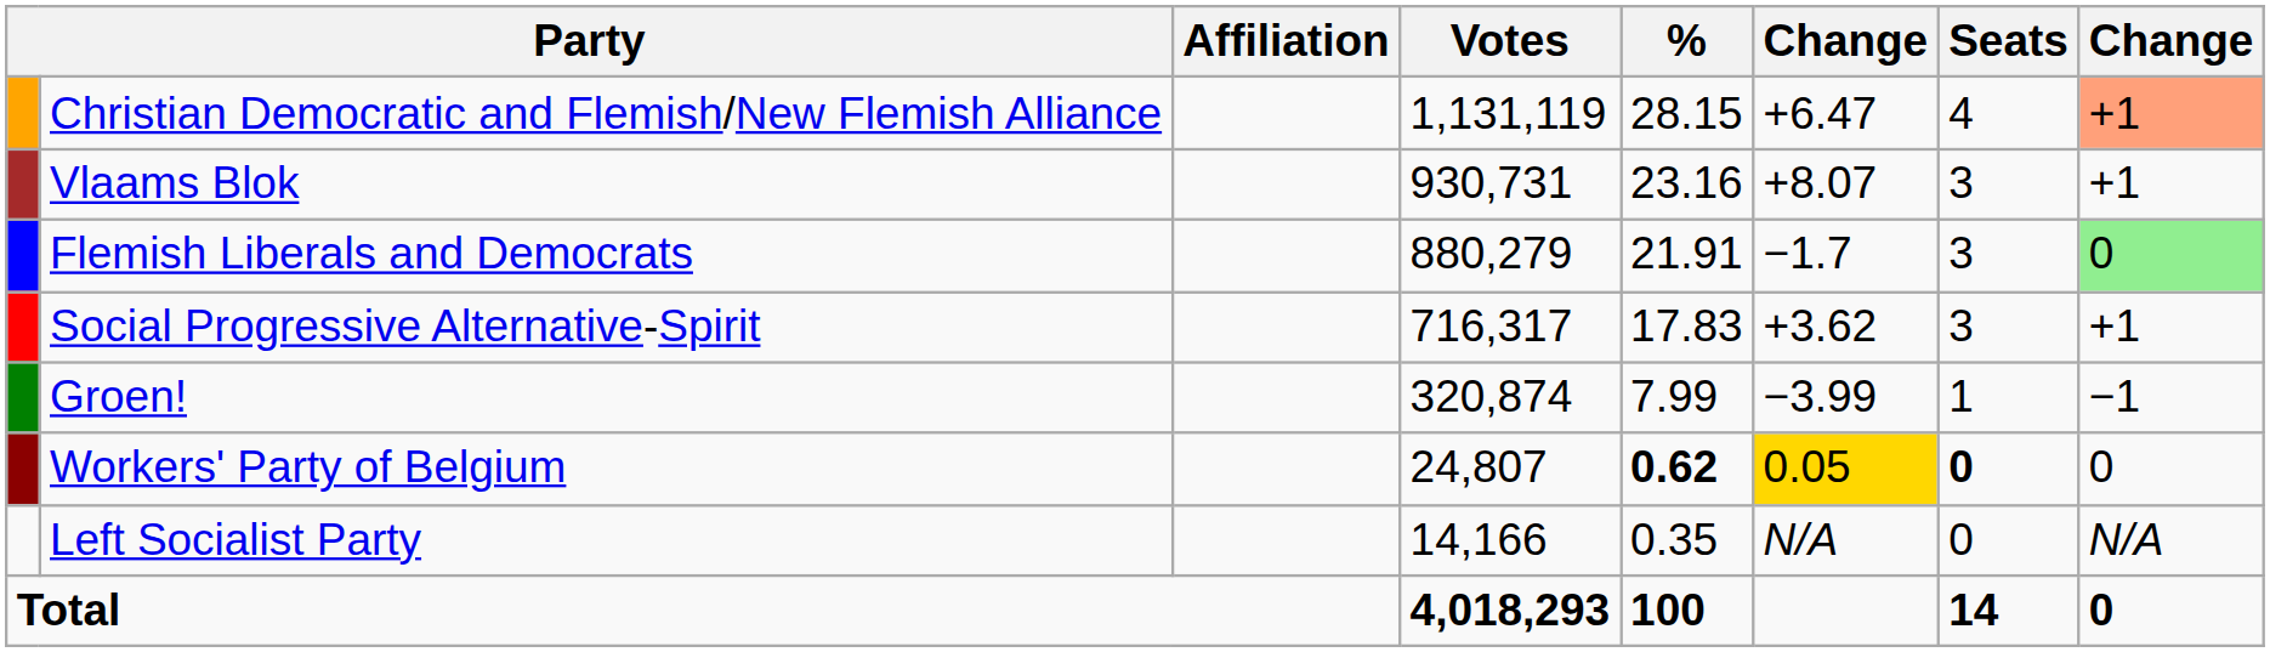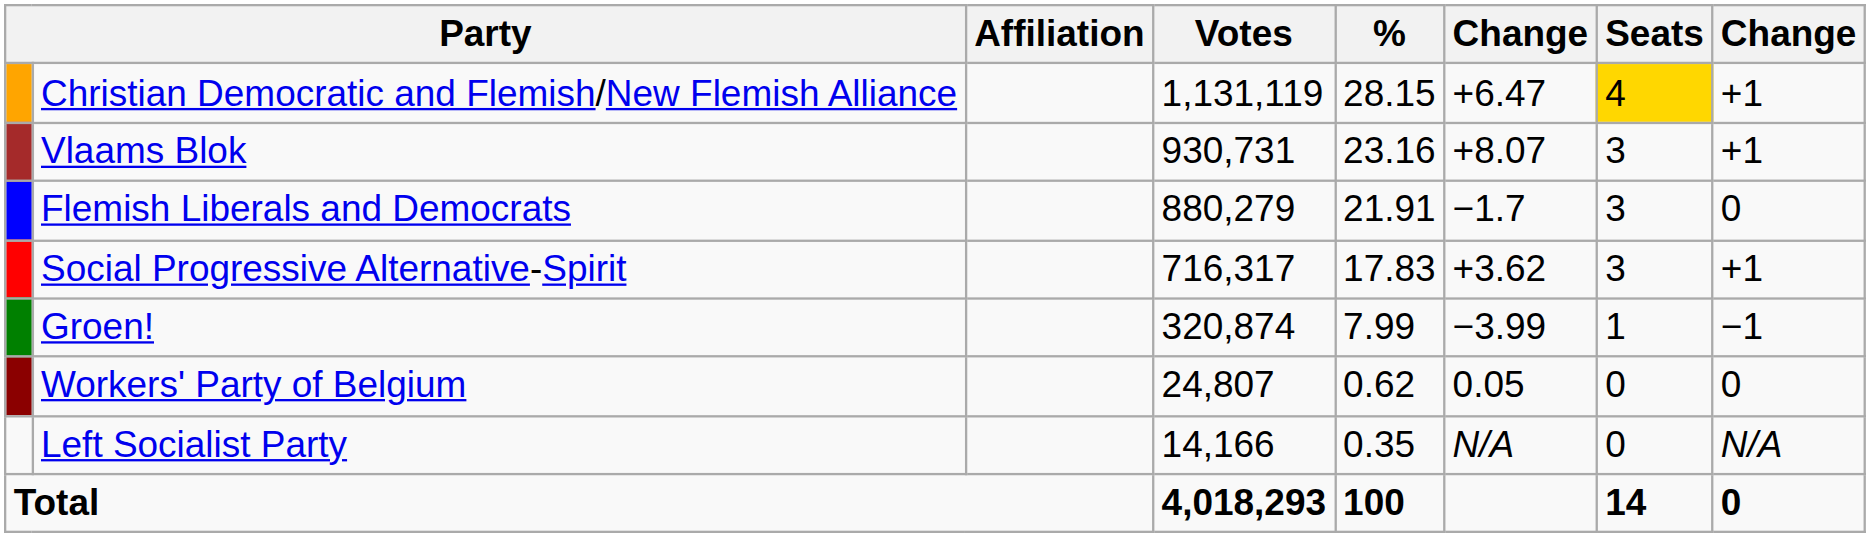 <table class="wikitable">
 <tr>
 <th colspan="2">Party</th>
 <th>Affiliation</th>
 <th>Votes</th>
 <th>%</th>
 <th>Change</th>
 <th>Seats</th>
 <th>Change</th>
 </tr>
 <tr>
 <td style="background-color:orange"> </td>
 <td><a href='#'>Christian Democratic and Flemish</a>/<a href='#'>New Flemish Alliance</a></td>
 <td></td>
 <td>1,131,119</td>
 <td>28.15</td>
 <td>+6.47</td>
-<td>4</td>
-<td style="background: lightsalmon;">+1</td>
+<td style="background: gold;">4</td>
+<td>+1</td>
 </tr>
 <tr>
 <td style="background-color:brown"> </td>
 <td><a href='#'>Vlaams Blok</a></td>
 <td></td>
 <td>930,731</td>
 <td>23.16</td>
 <td>+8.07</td>
 <td>3</td>
 <td>+1</td>
 </tr>
 <tr>
 <td style="background-color:blue"> </td>
 <td><a href='#'>Flemish Liberals and Democrats</a></td>
 <td></td>
 <td>880,279</td>
 <td>21.91</td>
 <td>−1.7</td>
 <td>3</td>
-<td style="background: lightgreen;">0</td>
+<td>0</td>
 </tr>
 <tr>
 <td style="background-color:red"> </td>
 <td><a href='#'>Social Progressive Alternative</a>-<a href='#'>Spirit</a></td>
 <td></td>
 <td>716,317</td>
 <td>17.83</td>
 <td>+3.62</td>
 <td>3</td>
 <td>+1</td>
 </tr>
 <tr>
 <td style="background-color:green"> </td>
 <td><a href='#'>Groen!</a></td>
 <td></td>
 <td>320,874</td>
 <td>7.99</td>
 <td>−3.99</td>
 <td>1</td>
 <td>−1</td>
 </tr>
 <tr>
 <td style="background-color:darkred"> </td>
 <td><a href='#'>Workers' Party of Belgium</a></td>
 <td></td>
 <td>24,807</td>
-<td><strong>0.62</strong></td>
-<td style="background: gold;">0.05</td>
-<td><strong>0</strong></td>
+<td>0.62</td>
+<td>0.05</td>
+<td>0</td>
 <td>0</td>
 </tr>
 <tr>
 <td> </td>
 <td><a href='#'>Left Socialist Party</a></td>
 <td></td>
 <td>14,166</td>
 <td>0.35</td>
 <td><em>N/A</em></td>
 <td>0</td>
 <td><em>N/A</em></td>
 </tr>
 <tr>
 <td colspan="3"><strong>Total</strong></td>
 <td><strong>4,018,293</strong></td>
 <td><strong>100</strong></td>
 <td></td>
 <td><strong>14</strong></td>
 <td><strong>0</strong></td>
 </tr>
 </table>
